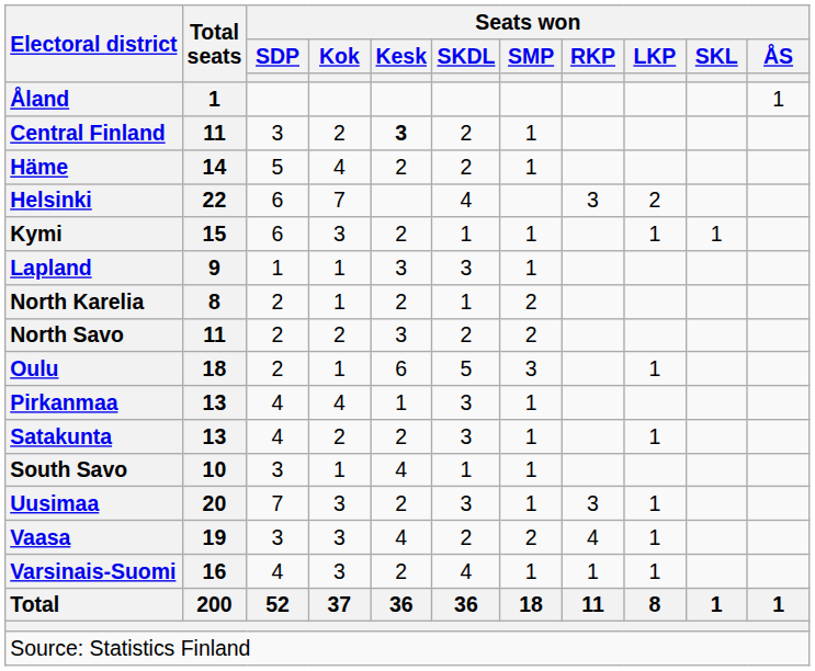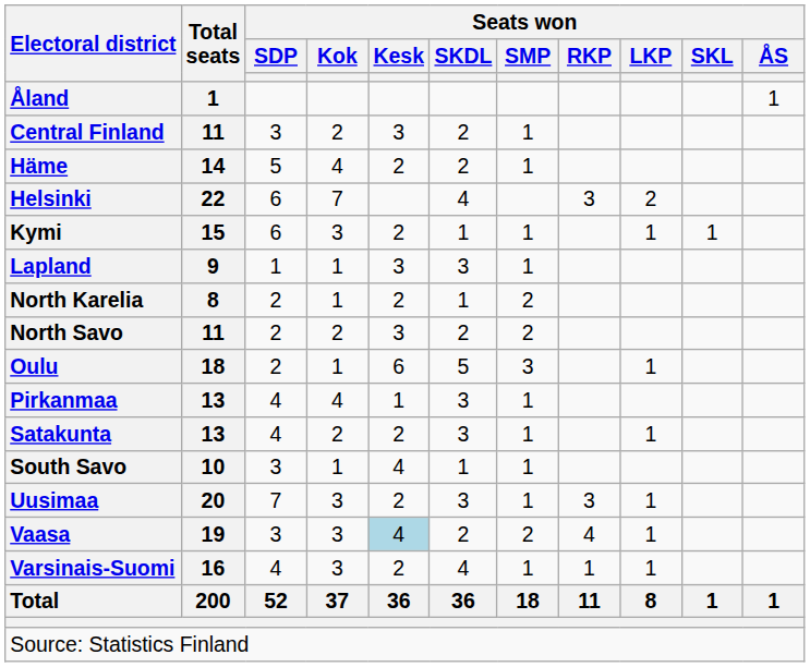 <table class="wikitable" style="text-align:center; font-size: 0.9em;">
 <tr>
 <th rowspan="3"><a href='#'>Electoral district</a></th>
 <th rowspan="3">Total<br>seats</th>
 <th colspan="9">Seats won</th>
 </tr>
 <tr>
 <th class="unsortable" style="width:35px;"><a href='#'>SDP</a></th>
 <th class="unsortable" style="width:35px;"><a href='#'>Kok</a></th>
 <th class="unsortable" style="width:35px;"><a href='#'>Kesk</a></th>
 <th class="unsortable" style="width:35px;"><a href='#'>SKDL</a></th>
 <th class="unsortable" style="width:35px;"><a href='#'>SMP</a></th>
 <th class="unsortable" style="width:35px;"><a href='#'>RKP</a></th>
 <th class="unsortable" style="width:35px;"><a href='#'>LKP</a></th>
 <th class="unsortable" style="width:35px;"><a href='#'>SKL</a></th>
 <th class="unsortable" style="width:35px;"><a href='#'>ÅS</a></th>
 </tr>
 <tr>
 <th style="background:"></th>
 <th style="background:"></th>
 <th style="background:"></th>
 <th style="background:"></th>
 <th style="background:"></th>
 <th style="background:"></th>
 <th style="background:"></th>
 <th style="background:"></th>
 <th style="background:"></th>
 </tr>
 <tr>
 <th style="text-align: left;"><a href='#'>Åland</a></th>
 <th>1</th>
 <td></td>
 <td></td>
 <td></td>
 <td></td>
 <td></td>
 <td></td>
 <td></td>
 <td></td>
 <td>1</td>
 </tr>
 <tr>
 <th style="text-align: left;"><a href='#'>Central Finland</a></th>
 <th>11</th>
 <td>3</td>
 <td>2</td>
-<td><strong>3</strong></td>
+<td>3</td>
 <td>2</td>
 <td>1</td>
 <td></td>
 <td></td>
 <td></td>
 <td></td>
 </tr>
 <tr>
 <th style="text-align: left;"><a href='#'>Häme</a></th>
 <th>14</th>
 <td>5</td>
 <td>4</td>
 <td>2</td>
 <td>2</td>
 <td>1</td>
 <td></td>
 <td></td>
 <td></td>
 <td></td>
 </tr>
 <tr>
 <th style="text-align: left;"><a href='#'>Helsinki</a></th>
 <th>22</th>
 <td>6</td>
 <td>7</td>
 <td></td>
 <td>4</td>
 <td></td>
 <td>3</td>
 <td>2</td>
 <td></td>
 <td></td>
 </tr>
 <tr>
 <th style="text-align: left;">Kymi</th>
 <th>15</th>
 <td>6</td>
 <td>3</td>
 <td>2</td>
 <td>1</td>
 <td>1</td>
 <td></td>
 <td>1</td>
 <td>1</td>
 <td></td>
 </tr>
 <tr>
 <th style="text-align: left;"><a href='#'>Lapland</a></th>
 <th>9</th>
 <td>1</td>
 <td>1</td>
 <td>3</td>
 <td>3</td>
 <td>1</td>
 <td></td>
 <td></td>
 <td></td>
 <td></td>
 </tr>
 <tr>
 <th style="text-align: left;">North Karelia</th>
 <th>8</th>
 <td>2</td>
 <td>1</td>
 <td>2</td>
 <td>1</td>
 <td>2</td>
 <td></td>
 <td></td>
 <td></td>
 <td></td>
 </tr>
 <tr>
 <th style="text-align: left;">North Savo</th>
 <th>11</th>
 <td>2</td>
 <td>2</td>
 <td>3</td>
 <td>2</td>
 <td>2</td>
 <td></td>
 <td></td>
 <td></td>
 <td></td>
 </tr>
 <tr>
 <th style="text-align: left;"><a href='#'>Oulu</a></th>
 <th>18</th>
 <td>2</td>
 <td>1</td>
 <td>6</td>
 <td>5</td>
 <td>3</td>
 <td></td>
 <td>1</td>
 <td></td>
 <td></td>
 </tr>
 <tr>
 <th style="text-align: left;"><a href='#'>Pirkanmaa</a></th>
 <th>13</th>
 <td>4</td>
 <td>4</td>
 <td>1</td>
 <td>3</td>
 <td>1</td>
 <td></td>
 <td></td>
 <td></td>
 <td></td>
 </tr>
 <tr>
 <th style="text-align: left;"><a href='#'>Satakunta</a></th>
 <th>13</th>
 <td>4</td>
 <td>2</td>
 <td>2</td>
 <td>3</td>
 <td>1</td>
 <td></td>
 <td>1</td>
 <td></td>
 <td></td>
 </tr>
 <tr>
 <th style="text-align: left;">South Savo</th>
 <th>10</th>
 <td>3</td>
 <td>1</td>
 <td>4</td>
 <td>1</td>
 <td>1</td>
 <td></td>
 <td></td>
 <td></td>
 <td></td>
 </tr>
 <tr>
 <th style="text-align: left;"><a href='#'>Uusimaa</a></th>
 <th>20</th>
 <td>7</td>
 <td>3</td>
 <td>2</td>
 <td>3</td>
 <td>1</td>
 <td>3</td>
 <td>1</td>
 <td></td>
 <td></td>
 </tr>
 <tr>
 <th style="text-align: left;"><a href='#'>Vaasa</a></th>
 <th>19</th>
 <td>3</td>
 <td>3</td>
-<td>4</td>
+<td style="background: lightblue;">4</td>
 <td>2</td>
 <td>2</td>
 <td>4</td>
 <td>1</td>
 <td></td>
 <td></td>
 </tr>
 <tr>
 <th style="text-align: left;"><a href='#'>Varsinais-Suomi</a></th>
 <th>16</th>
 <td>4</td>
 <td>3</td>
 <td>2</td>
 <td>4</td>
 <td>1</td>
 <td>1</td>
 <td>1</td>
 <td></td>
 <td></td>
 </tr>
 <tr class="sortbottom">
 <th style="text-align: left;">Total</th>
 <th>200</th>
 <th>52</th>
 <th>37</th>
 <th>36</th>
 <th>36</th>
 <th>18</th>
 <th>11</th>
 <th>8</th>
 <th>1</th>
 <th>1</th>
 </tr>
 <tr>
 <th colspan="11"></th>
 </tr>
 <tr>
 <td colspan="11" align=left>Source: Statistics Finland</td>
 </tr>
 </table>
